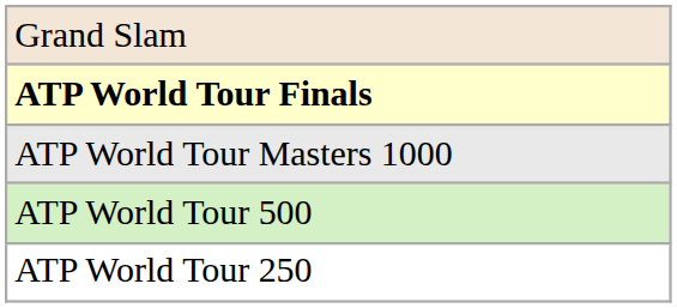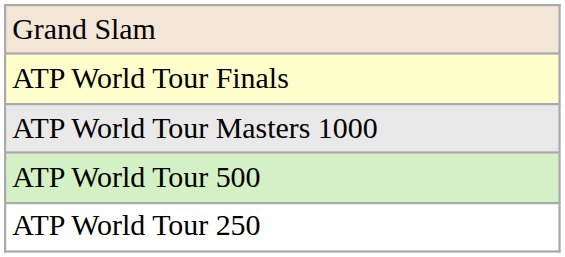 <table class="wikitable" style="font-size:85%;width:20%">
 <tr bgcolor="#F3E6D7">
 <td>Grand Slam</td>
 </tr>
 <tr bgcolor="#ffffcc">
-<td><strong>ATP World Tour Finals</strong></td>
+<td>ATP World Tour Finals</td>
 </tr>
 <tr bgcolor="#E9E9E9">
 <td>ATP World Tour Masters 1000</td>
 </tr>
 <tr bgcolor="#D4F1C5">
 <td>ATP World Tour 500</td>
 </tr>
 <tr bgcolor="#ffffff">
 <td>ATP World Tour 250</td>
 </tr>
 </table>
